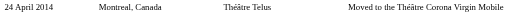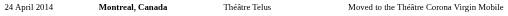 <table cellpadding="2" style="border:0 solid darkgrey; font-size:90%">
 <tr>
 <th style="width:150px;"></th>
 <th style="width:200px;"></th>
 <th style="width:200px;"></th>
 <th style="width:700px;"></th>
 </tr>
 <tr border="0">
 </tr>
 <tr>
 <td>24 April 2014</td>
-<td>Montreal, Canada</td>
+<td><strong>Montreal, Canada</strong></td>
 <td>Théâtre Telus</td>
 <td>Moved to the Théâtre Corona Virgin Mobile</td>
 </tr>
 <tr>
 </tr>
 </table>
